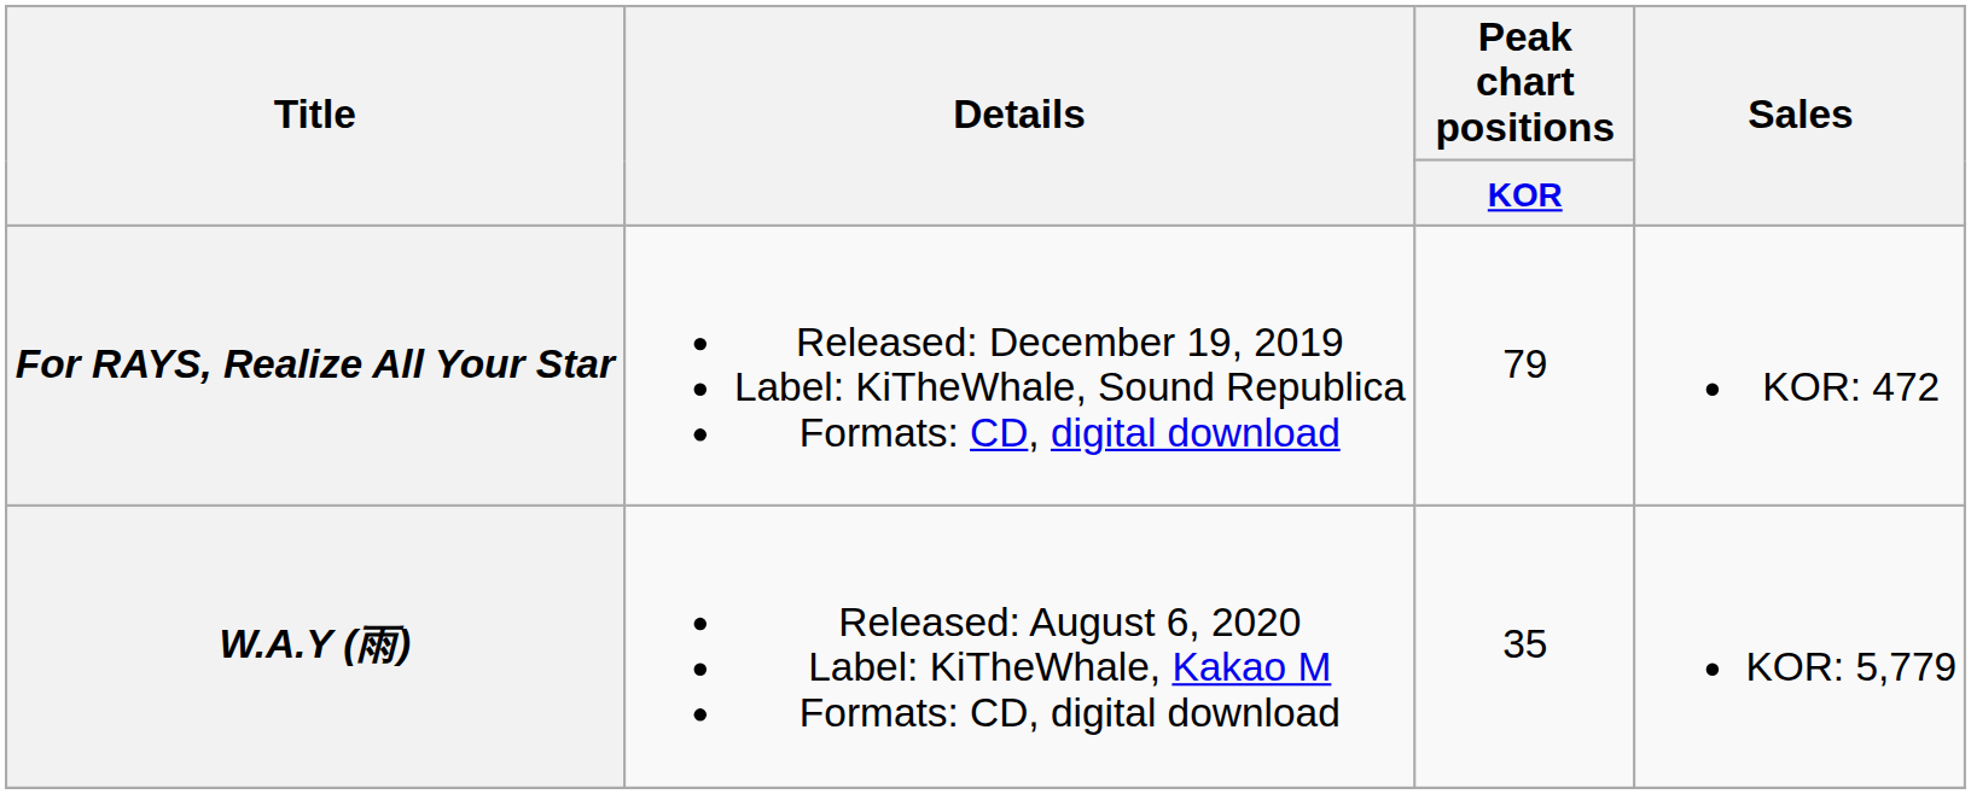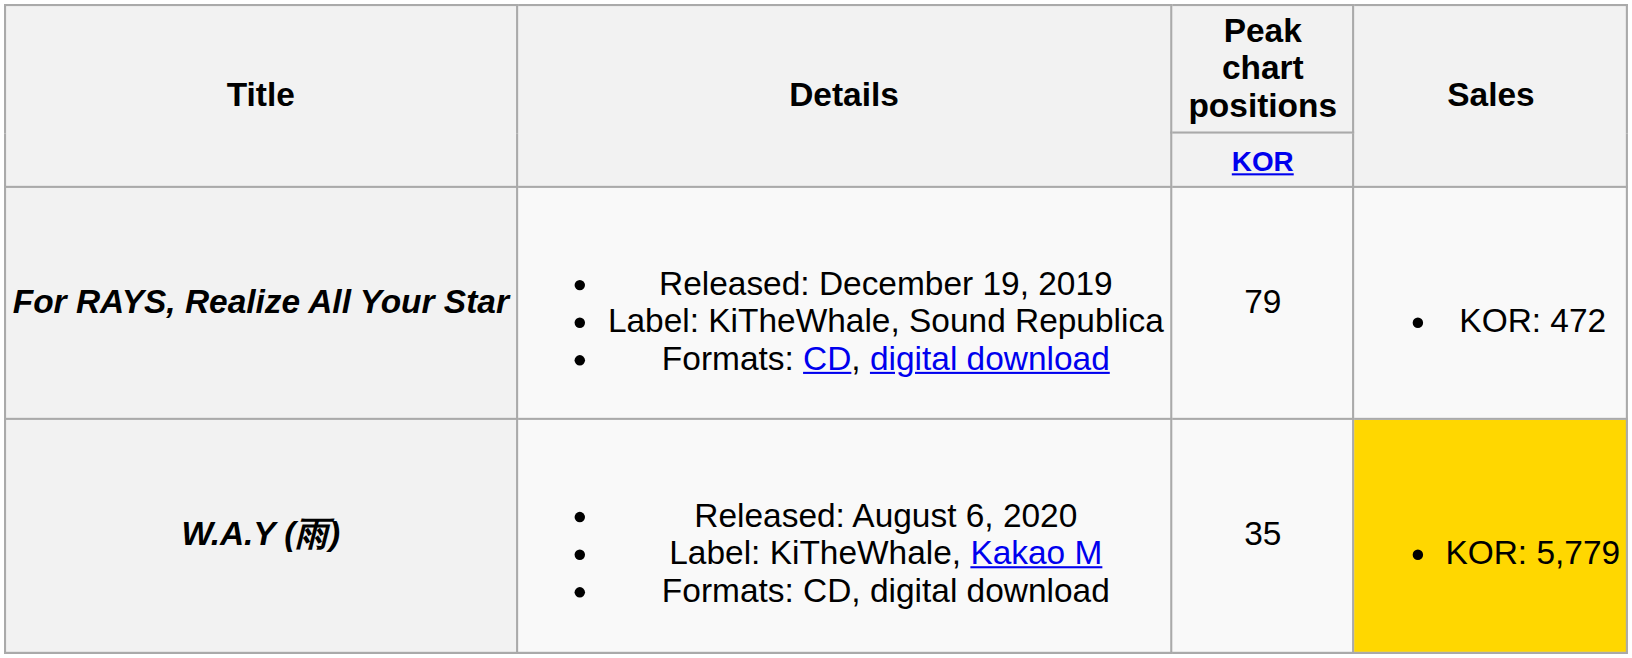 <table class="wikitable plainrowheaders" style="text-align:center;">
 <tr>
 <th scope="col" rowspan="2">Title</th>
 <th scope="col" rowspan="2">Details</th>
 <th scope="col" colspan="1" style="width:5em;">Peak chart positions</th>
 <th scope="col" rowspan="2">Sales</th>
 </tr>
 <tr>
 <th><small><a href='#'>KOR</a></small><br></th>
 </tr>
 <tr>
 <th scope="row"><em>For RAYS, Realize All Your Star</em></th>
 <td><br><ul><li>Released: December 19, 2019</li><li>Label: KiTheWhale, Sound Republica</li><li>Formats: <a href='#'>CD</a>, <a href='#'>digital download</a></li></ul></td>
 <td>79</td>
 <td><br><ul><li>KOR: 472</li></ul></td>
 </tr>
 <tr>
 <th scope="row"><em>W.A.Y (雨)</em></th>
 <td><br><ul><li>Released: August 6, 2020</li><li>Label: KiTheWhale, <a href='#'>Kakao M</a></li><li>Formats: CD, digital download</li></ul></td>
 <td>35</td>
-<td><br><ul><li>KOR: 5,779</li></ul></td>
+<td style="background: gold;"><br><ul><li>KOR: 5,779</li></ul></td>
 </tr>
 <tr>
 </tr>
 </table>
